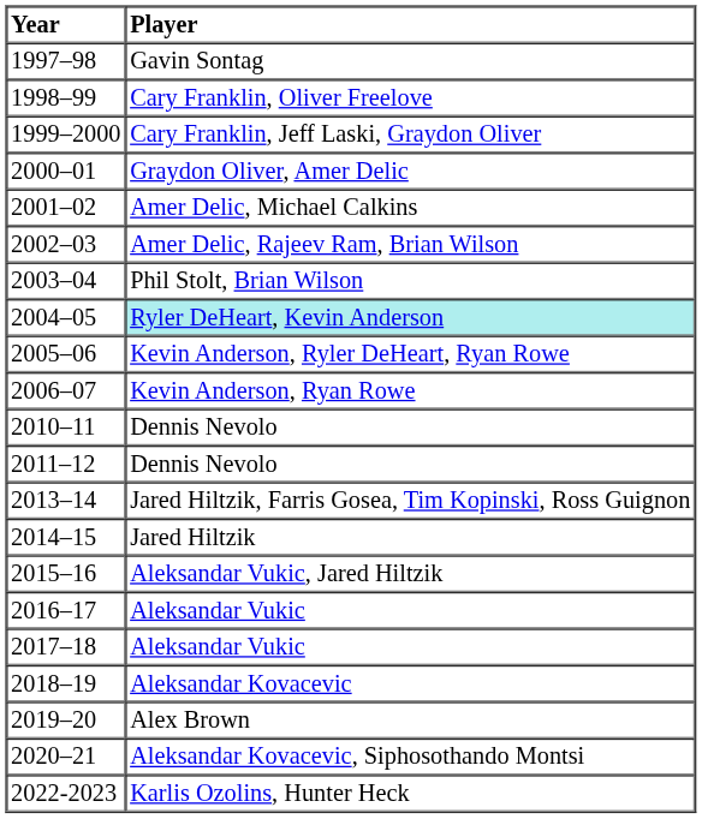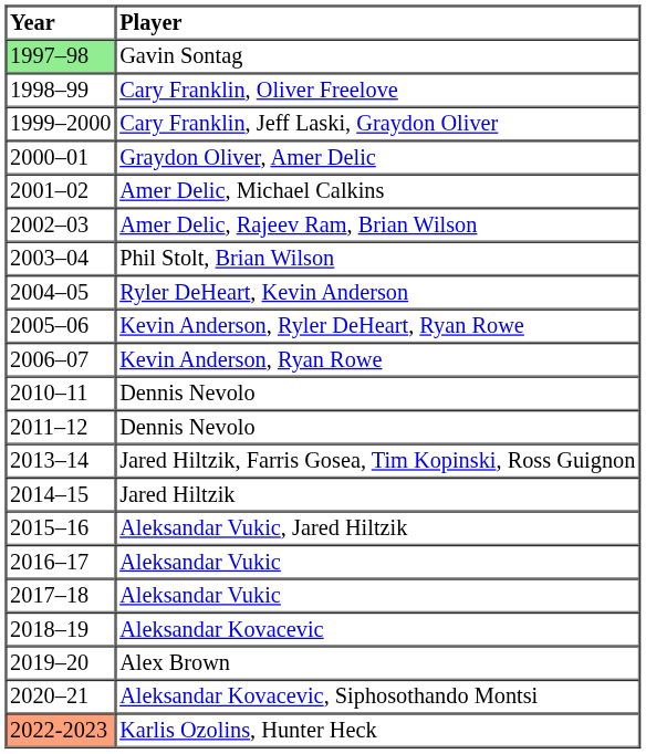 <table border="1" cellspacing="0" cellpadding="2">
 <tr>
 <td><strong>Year</strong></td>
 <td><strong>Player</strong></td>
 </tr>
 <tr>
-<td>1997–98</td>
+<td style="background: lightgreen;">1997–98</td>
 <td>Gavin Sontag</td>
 </tr>
 <tr>
 <td>1998–99</td>
 <td><a href='#'>Cary Franklin</a>, <a href='#'>Oliver Freelove</a></td>
 </tr>
 <tr>
 <td>1999–2000</td>
 <td><a href='#'>Cary Franklin</a>, Jeff Laski, <a href='#'>Graydon Oliver</a></td>
 </tr>
 <tr>
 <td>2000–01</td>
 <td><a href='#'>Graydon Oliver</a>, <a href='#'>Amer Delic</a></td>
 </tr>
 <tr>
 <td>2001–02</td>
 <td><a href='#'>Amer Delic</a>, Michael Calkins</td>
 </tr>
 <tr>
 <td>2002–03</td>
 <td><a href='#'>Amer Delic</a>, <a href='#'>Rajeev Ram</a>, <a href='#'>Brian Wilson</a></td>
 </tr>
 <tr>
 <td>2003–04</td>
 <td>Phil Stolt, <a href='#'>Brian Wilson</a></td>
 </tr>
 <tr>
 <td>2004–05</td>
-<td style="background: paleturquoise;"><a href='#'>Ryler DeHeart</a>, <a href='#'>Kevin Anderson</a></td>
+<td><a href='#'>Ryler DeHeart</a>, <a href='#'>Kevin Anderson</a></td>
 </tr>
 <tr>
 <td>2005–06</td>
 <td><a href='#'>Kevin Anderson</a>, <a href='#'>Ryler DeHeart</a>, <a href='#'>Ryan Rowe</a></td>
 </tr>
 <tr>
 <td>2006–07</td>
 <td><a href='#'>Kevin Anderson</a>, <a href='#'>Ryan Rowe</a></td>
 </tr>
 <tr>
 <td>2010–11</td>
 <td>Dennis Nevolo</td>
 </tr>
 <tr>
 <td>2011–12</td>
 <td>Dennis Nevolo</td>
 </tr>
 <tr>
 <td>2013–14</td>
 <td>Jared Hiltzik, Farris Gosea, <a href='#'>Tim Kopinski</a>, Ross Guignon</td>
 </tr>
 <tr>
 <td>2014–15</td>
 <td>Jared Hiltzik</td>
 </tr>
 <tr>
 <td>2015–16</td>
 <td><a href='#'>Aleksandar Vukic</a>, Jared Hiltzik</td>
 </tr>
 <tr>
 <td>2016–17</td>
 <td><a href='#'>Aleksandar Vukic</a></td>
 </tr>
 <tr>
 <td>2017–18</td>
 <td><a href='#'>Aleksandar Vukic</a></td>
 </tr>
 <tr>
 <td>2018–19</td>
 <td><a href='#'>Aleksandar Kovacevic</a></td>
 </tr>
 <tr>
 <td>2019–20</td>
 <td>Alex Brown</td>
 </tr>
 <tr>
 <td>2020–21</td>
 <td><a href='#'>Aleksandar Kovacevic</a>, Siphosothando Montsi</td>
 </tr>
 <tr>
-<td>2022-2023</td>
+<td style="background: lightsalmon;">2022-2023</td>
 <td><a href='#'>Karlis Ozolins</a>, Hunter Heck</td>
 </tr>
 </table>
